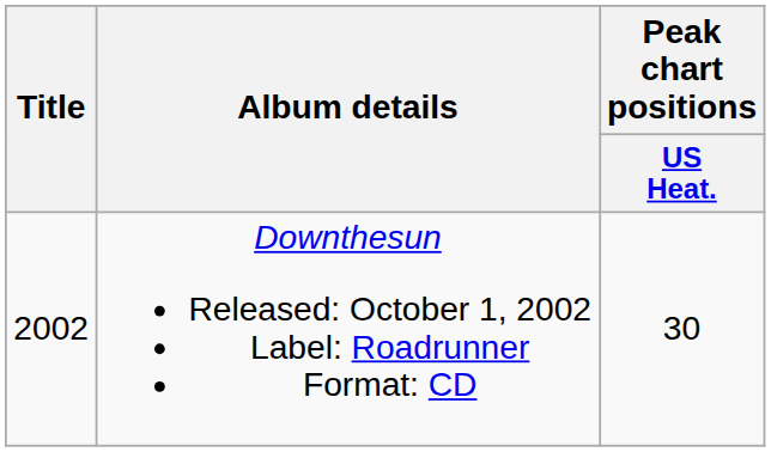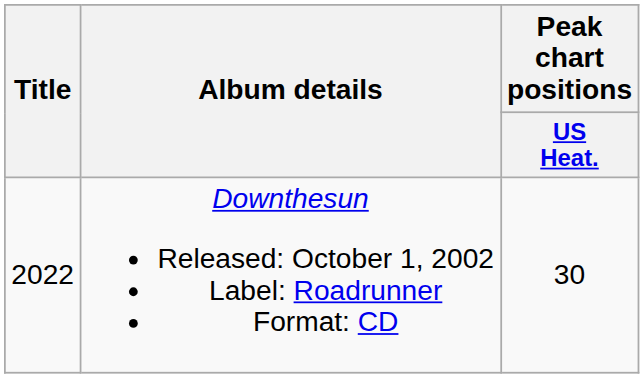 <table class="wikitable plainrowheaders" style="text-align:center;">
 <tr>
 <th scope="col" rowspan="2">Title</th>
 <th scope="col" rowspan="2">Album details</th>
 <th scope="col">Peak chart positions</th>
 </tr>
 <tr>
 <th scope="col" style="width:1em;font-size:85%;"><a href='#'>US<br>Heat.</a><br></th>
 </tr>
 <tr>
-<td>2002</td>
+<td>2022</td>
 <td scope="row"><em><a href='#'>Downthesun</a></em><br><ul><li>Released: October 1, 2002</li><li>Label: <a href='#'>Roadrunner</a></li><li>Format: <a href='#'>CD</a></li></ul></td>
 <td>30</td>
 </tr>
 </table>
